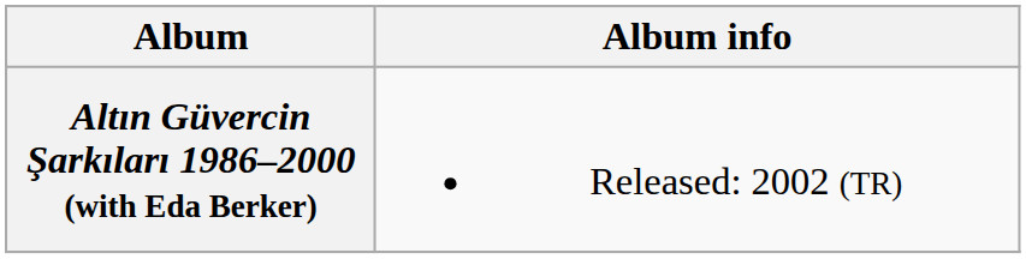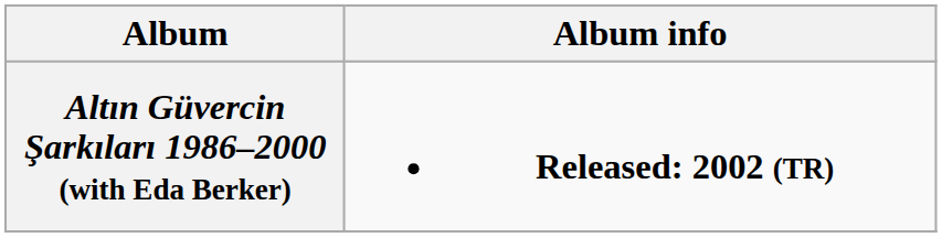 <table class="wikitable plainrowheaders" style="text-align:center;" border="1">
 <tr>
 <th scope="col" style="width:9em;">Album</th>
 <th scope="col" style="width:16em;">Album info</th>
 </tr>
 <tr>
 <th scope="row"><em>Altın Güvercin Şarkıları 1986–2000</em> <small>(with Eda Berker)</small></th>
-<td><br><ul><li>Released: 2002 <small>(TR)</small></li></ul></td>
+<td><strong><br><ul><li>Released: 2002 <small>(TR)</small></li></ul></strong></td>
 </tr>
 <tr>
 </tr>
 </table>
